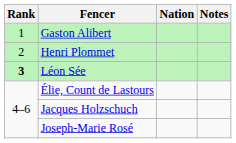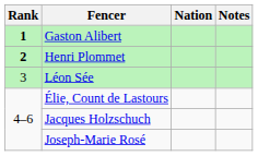 <table class="wikitable sortable" style="text-align:center">
 <tr>
 <th>Rank</th>
 <th>Fencer</th>
 <th>Nation</th>
 <th>Notes</th>
 </tr>
 <tr bgcolor=bbf3bb>
-<td>1</td>
+<td><strong>1</strong></td>
 <td align=left><a href='#'>Gaston Alibert</a></td>
 <td align=left></td>
 <td></td>
 </tr>
 <tr bgcolor=bbf3bb>
-<td>2</td>
+<td><strong>2</strong></td>
 <td align=left><a href='#'>Henri Plommet</a></td>
 <td align=left></td>
 <td></td>
 </tr>
 <tr bgcolor=bbf3bb>
-<td><strong>3</strong></td>
+<td>3</td>
 <td align=left><a href='#'>Léon Sée</a></td>
 <td align=left></td>
 <td></td>
 </tr>
 <tr>
 <td rowspan=3 align=center>4–6</td>
 <td align=left><a href='#'>Élie, Count de Lastours</a></td>
 <td align=left></td>
 <td></td>
 </tr>
 <tr>
 <td align=left><a href='#'>Jacques Holzschuch</a></td>
 <td align=left></td>
 <td></td>
 </tr>
 <tr>
 <td align=left><a href='#'>Joseph-Marie Rosé</a></td>
 <td align=left></td>
 <td></td>
 </tr>
 </table>
